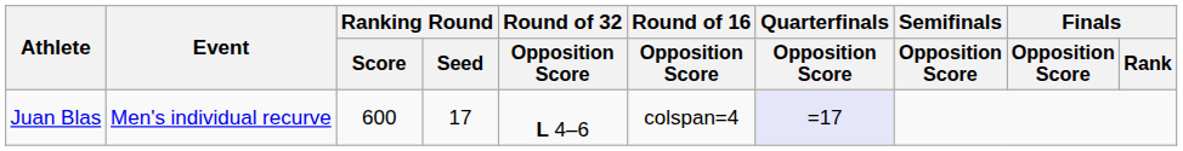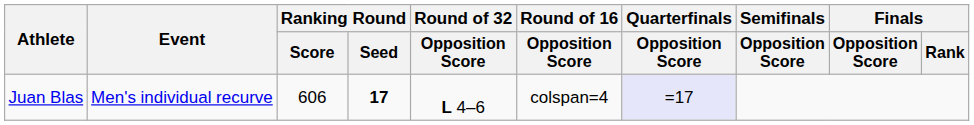 <table class="wikitable" style="text-align: center; font-size:90%">
 <tr>
 <th rowspan="2">Athlete</th>
 <th rowspan="2">Event</th>
 <th colspan="2">Ranking Round</th>
 <th>Round of 32</th>
 <th>Round of 16</th>
 <th>Quarterfinals</th>
 <th>Semifinals</th>
 <th colspan="2">Finals</th>
 </tr>
 <tr style="font-size:95%">
 <th>Score</th>
 <th>Seed</th>
 <th>Opposition<br>Score</th>
 <th>Opposition<br>Score</th>
 <th>Opposition<br>Score</th>
 <th>Opposition<br>Score</th>
 <th>Opposition<br>Score</th>
 <th>Rank</th>
 </tr>
 <tr>
 <td align=left><a href='#'>Juan Blas</a></td>
 <td align=left><a href='#'>Men's individual recurve</a></td>
-<td>600</td>
-<td>17</td>
+<td>606</td>
+<td><strong>17</strong></td>
 <td><br><strong>L</strong> 4–6</td>
 <td>colspan=4 </td>
 <td style="background: lavender;">=17</td>
 </tr>
 </table>
